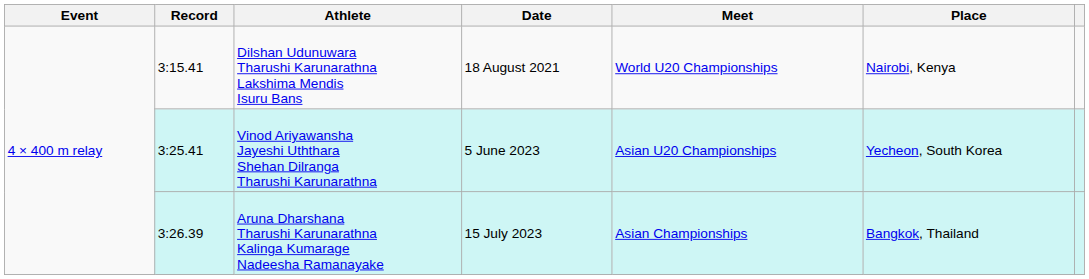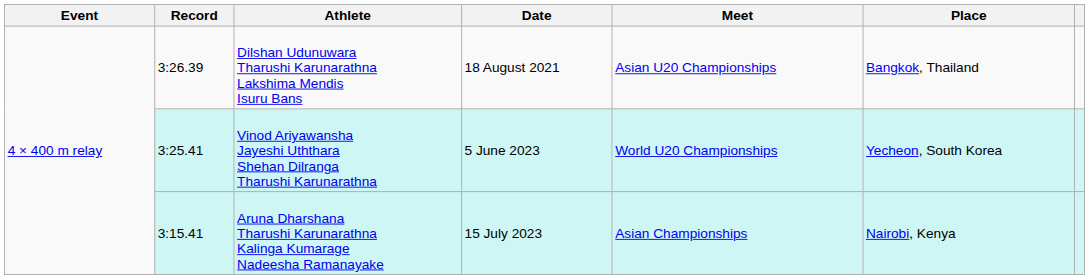 <table class="wikitable" style="font-size:95%; width: 95%;">
 <tr>
 <th>Event</th>
 <th>Record</th>
 <th>Athlete</th>
 <th>Date</th>
 <th>Meet</th>
 <th>Place</th>
 <th></th>
 </tr>
 <tr>
 <td rowspan="3"><a href='#'>4 × 400 m relay</a></td>
-<td>3:15.41</td>
+<td>3:26.39 </td>
 <td><br><a href='#'>Dilshan Udunuwara</a><br><a href='#'>Tharushi Karunarathna</a><br><a href='#'>Lakshima Mendis</a><br><a href='#'>Isuru Bans</a></td>
 <td>18 August 2021</td>
-<td><a href='#'>World U20 Championships</a></td>
-<td><a href='#'>Nairobi</a>, Kenya</td>
+<td><a href='#'>Asian U20 Championships</a></td>
+<td><a href='#'>Bangkok</a>, Thailand</td>
 <td></td>
 </tr>
 <tr bgcolor="#CEF6F5">
 <td>3:25.41</td>
 <td><br><a href='#'>Vinod Ariyawansha</a><br><a href='#'>Jayeshi Uththara</a><br><a href='#'>Shehan Dilranga</a><br><a href='#'>Tharushi Karunarathna</a></td>
 <td>5 June 2023</td>
-<td><a href='#'>Asian U20 Championships</a></td>
+<td><a href='#'>World U20 Championships</a></td>
 <td><a href='#'>Yecheon</a>, South Korea</td>
 <td></td>
 </tr>
 <tr bgcolor=#CEF6F5>
-<td>3:26.39 </td>
+<td>3:15.41</td>
 <td><br><a href='#'>Aruna Dharshana</a><br><a href='#'>Tharushi Karunarathna</a><br><a href='#'>Kalinga Kumarage</a><br><a href='#'>Nadeesha Ramanayake</a></td>
 <td>15 July 2023</td>
 <td><a href='#'>Asian Championships</a></td>
-<td><a href='#'>Bangkok</a>, Thailand</td>
+<td><a href='#'>Nairobi</a>, Kenya</td>
 <td></td>
 </tr>
 </table>
